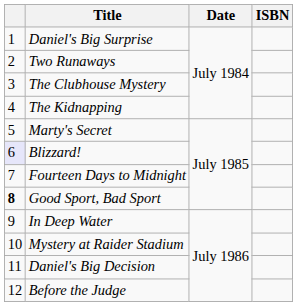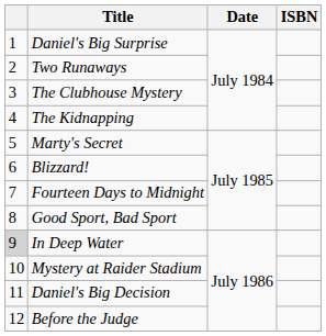 <table class="wikitable">
 <tr>
 <th></th>
 <th>Title</th>
 <th>Date</th>
 <th>ISBN</th>
 </tr>
 <tr>
 <td>1</td>
 <td><em>Daniel's Big Surprise</em></td>
 <td rowspan="4">July 1984</td>
 <td></td>
 </tr>
 <tr>
 <td>2</td>
 <td><em>Two Runaways</em></td>
 <td></td>
 </tr>
 <tr>
 <td>3</td>
 <td><em>The Clubhouse Mystery</em></td>
 <td></td>
 </tr>
 <tr>
 <td>4</td>
 <td><em>The Kidnapping</em></td>
 <td></td>
 </tr>
 <tr>
 <td>5</td>
 <td><em>Marty's Secret</em></td>
 <td rowspan="4">July 1985</td>
 <td></td>
 </tr>
 <tr>
-<td style="background: lavender;">6</td>
+<td>6</td>
 <td><em>Blizzard!</em></td>
 <td></td>
 </tr>
 <tr>
 <td>7</td>
 <td><em>Fourteen Days to Midnight</em></td>
 <td></td>
 </tr>
 <tr>
-<td><strong>8</strong></td>
+<td>8</td>
 <td><em>Good Sport, Bad Sport</em></td>
 <td></td>
 </tr>
 <tr>
-<td>9</td>
+<td style="background: lightgrey;">9</td>
 <td><em>In Deep Water</em></td>
 <td rowspan="4">July 1986</td>
 <td></td>
 </tr>
 <tr>
 <td>10</td>
 <td><em>Mystery at Raider Stadium</em></td>
 <td></td>
 </tr>
 <tr>
 <td>11</td>
 <td><em>Daniel's Big Decision</em></td>
 <td></td>
 </tr>
 <tr>
 <td>12</td>
 <td><em>Before the Judge</em></td>
 <td></td>
 </tr>
 </table>
